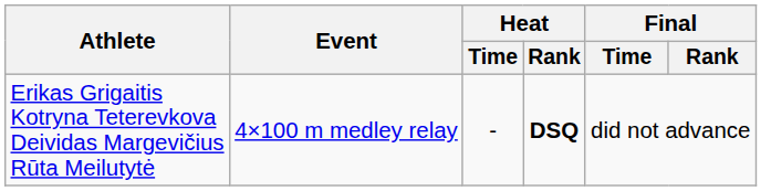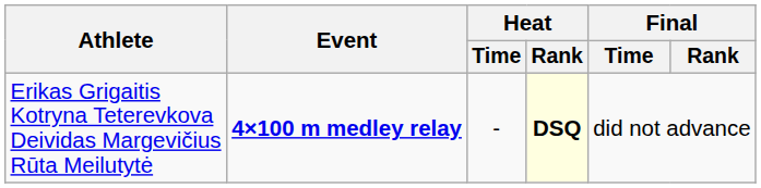 <table class="wikitable" style="text-align:center; font-size:90%">
 <tr>
 <th rowspan=2>Athlete</th>
 <th rowspan=2>Event</th>
 <th colspan=2>Heat</th>
 <th colspan=2>Final</th>
 </tr>
 <tr style="font-size:95%">
 <th>Time</th>
 <th>Rank</th>
 <th>Time</th>
 <th>Rank</th>
 </tr>
 <tr>
 <td align=left><a href='#'>Erikas Grigaitis</a><br><a href='#'>Kotryna Teterevkova</a><br><a href='#'>Deividas Margevičius</a><br><a href='#'>Rūta Meilutytė</a></td>
-<td align=left><a href='#'>4×100 m medley relay</a></td>
+<td align=left><strong><a href='#'>4×100 m medley relay</a></strong></td>
 <td>-</td>
-<td><strong>DSQ</strong></td>
+<td style="background: lightyellow;"><strong>DSQ</strong></td>
 <td colspan=2>did not advance</td>
 </tr>
 </table>
